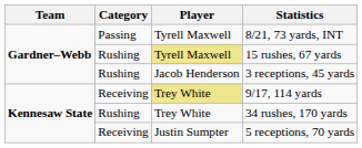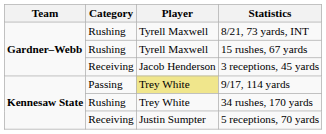 <table class="wikitable" style="float: left;">
 <tr>
 <th>Team</th>
 <th>Category</th>
 <th>Player</th>
 <th>Statistics</th>
 </tr>
 <tr>
 <td rowspan=3><strong>Gardner–Webb</strong></td>
-<td>Passing</td>
+<td>Rushing</td>
 <td>Tyrell Maxwell</td>
 <td>8/21, 73 yards, INT</td>
 </tr>
 <tr>
 <td>Rushing</td>
-<td style="background: khaki;">Tyrell Maxwell</td>
+<td>Tyrell Maxwell</td>
 <td>15 rushes, 67 yards</td>
 </tr>
 <tr>
-<td>Rushing</td>
+<td>Receiving</td>
 <td>Jacob Henderson</td>
 <td>3 receptions, 45 yards</td>
 </tr>
 <tr>
 <td rowspan=3><strong>Kennesaw State</strong></td>
-<td>Receiving</td>
+<td>Passing</td>
 <td style="background: khaki;">Trey White</td>
 <td>9/17, 114 yards</td>
 </tr>
 <tr>
 <td>Rushing</td>
 <td>Trey White</td>
 <td>34 rushes, 170 yards</td>
 </tr>
 <tr>
 <td>Receiving</td>
 <td>Justin Sumpter</td>
 <td>5 receptions, 70 yards</td>
 </tr>
 </table>
